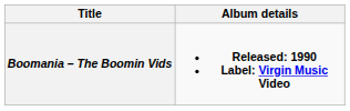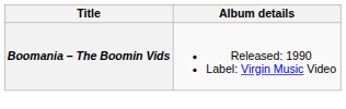 <table class="wikitable plainrowheaders" style="text-align:center;">
 <tr>
 <th>Title</th>
 <th style="width:225px;">Album details</th>
 </tr>
 <tr>
 <th scope="row"><em>Boomania – The Boomin Vids</em></th>
-<td><strong><br><ul><li>Released: 1990</li><li>Label: <a href='#'>Virgin Music</a> Video</li></ul></strong></td>
+<td><br><ul><li>Released: 1990</li><li>Label: <a href='#'>Virgin Music</a> Video</li></ul></td>
 </tr>
 </table>
